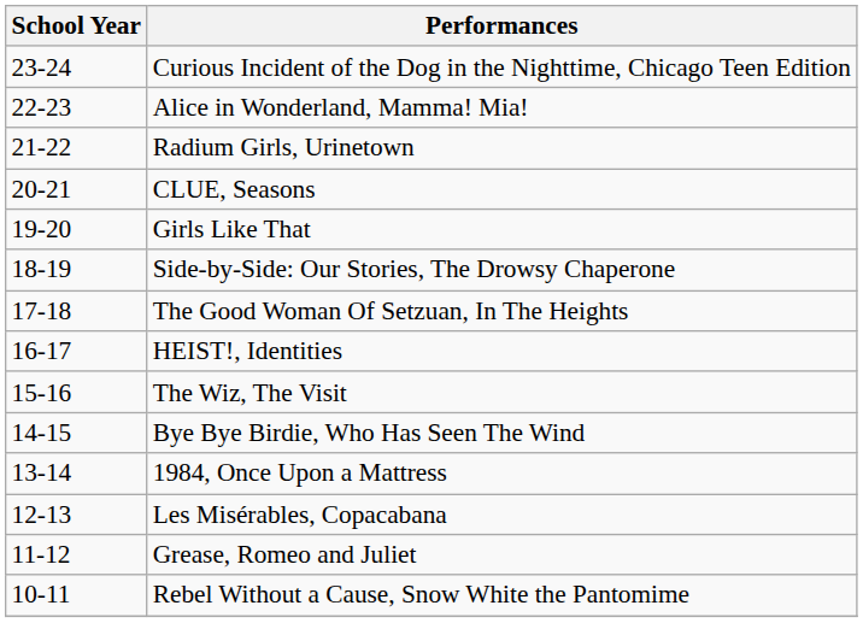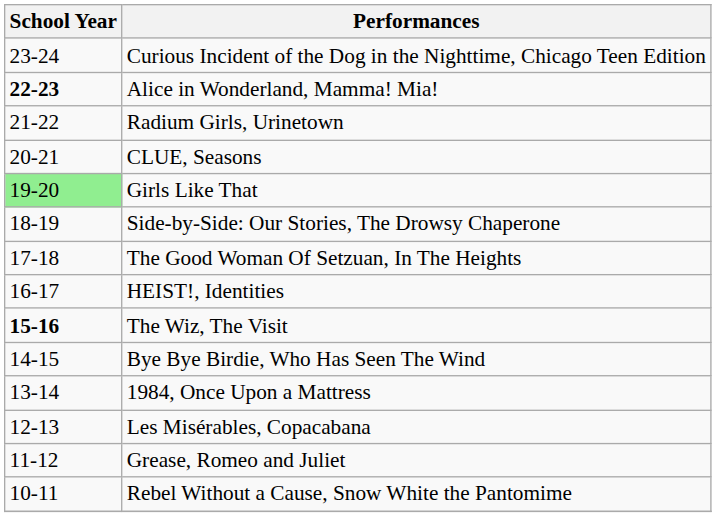 <table class="wikitable">
 <tr>
 <th>School Year</th>
 <th>Performances</th>
 </tr>
 <tr>
 <td>23-24</td>
 <td>Curious Incident of the Dog in the Nighttime, Chicago Teen Edition</td>
 </tr>
 <tr>
-<td>22-23</td>
+<td><strong>22-23</strong></td>
 <td>Alice in Wonderland, Mamma! Mia!</td>
 </tr>
 <tr>
 <td>21-22</td>
 <td>Radium Girls, Urinetown</td>
 </tr>
 <tr>
 <td>20-21</td>
 <td>CLUE, Seasons</td>
 </tr>
 <tr>
-<td>19-20</td>
+<td style="background: lightgreen;">19-20</td>
 <td>Girls Like That</td>
 </tr>
 <tr>
 <td>18-19</td>
 <td>Side-by-Side: Our Stories, The Drowsy Chaperone</td>
 </tr>
 <tr>
 <td>17-18</td>
 <td>The Good Woman Of Setzuan, In The Heights</td>
 </tr>
 <tr>
 <td>16-17</td>
 <td>HEIST!, Identities</td>
 </tr>
 <tr>
-<td>15-16</td>
+<td><strong>15-16</strong></td>
 <td>The Wiz, The Visit</td>
 </tr>
 <tr>
 <td>14-15</td>
 <td>Bye Bye Birdie, Who Has Seen The Wind</td>
 </tr>
 <tr>
 <td>13-14</td>
 <td>1984, Once Upon a Mattress</td>
 </tr>
 <tr>
 <td>12-13</td>
 <td>Les Misérables, Copacabana</td>
 </tr>
 <tr>
 <td>11-12</td>
 <td>Grease, Romeo and Juliet</td>
 </tr>
 <tr>
 <td>10-11</td>
 <td>Rebel Without a Cause, Snow White the Pantomime</td>
 </tr>
 <tr>
 </tr>
 </table>
